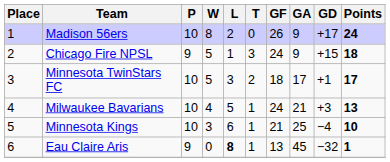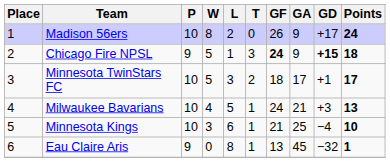 <table class="wikitable">
 <tr>
 <th>Place</th>
 <th width="170">Team</th>
 <th width="20">P</th>
 <th width="20">W</th>
 <th width="20">L</th>
 <th width="20">T</th>
 <th width="20">GF</th>
 <th width="20">GA</th>
 <th width="25">GD</th>
 <th>Points</th>
 </tr>
 <tr bgcolor=#CCCCFF>
 <td>1</td>
 <td><a href='#'>Madison 56ers</a></td>
 <td>10</td>
 <td>8</td>
 <td>2</td>
 <td>0</td>
 <td>26</td>
 <td>9</td>
 <td>+17</td>
 <td><strong>24</strong></td>
 </tr>
 <tr>
 <td>2</td>
 <td><a href='#'>Chicago Fire NPSL</a></td>
 <td>9</td>
 <td>5</td>
 <td>1</td>
 <td>3</td>
-<td>24</td>
+<td><strong>24</strong></td>
 <td>9</td>
-<td>+15</td>
+<td><strong>+15</strong></td>
 <td><strong>18</strong></td>
 </tr>
 <tr>
 <td>3</td>
 <td><a href='#'>Minnesota TwinStars FC</a></td>
 <td>10</td>
 <td>5</td>
 <td>3</td>
 <td>2</td>
 <td>18</td>
 <td>17</td>
 <td>+1</td>
 <td><strong>17</strong></td>
 </tr>
 <tr>
 <td>4</td>
 <td><a href='#'>Milwaukee Bavarians</a></td>
 <td>10</td>
 <td>4</td>
 <td>5</td>
 <td>1</td>
 <td>24</td>
 <td>21</td>
 <td>+3</td>
 <td><strong>13</strong></td>
 </tr>
 <tr>
 <td>5</td>
 <td><a href='#'>Minnesota Kings</a></td>
 <td>10</td>
 <td>3</td>
 <td>6</td>
 <td>1</td>
 <td>21</td>
 <td>25</td>
 <td>−4</td>
 <td><strong>10</strong></td>
 </tr>
 <tr>
 <td>6</td>
 <td><a href='#'>Eau Claire Aris</a></td>
 <td>9</td>
 <td>0</td>
-<td><strong>8</strong></td>
+<td>8</td>
 <td>1</td>
 <td>13</td>
 <td>45</td>
 <td>−32</td>
 <td><strong>1</strong></td>
 </tr>
 <tr>
 </tr>
 </table>
